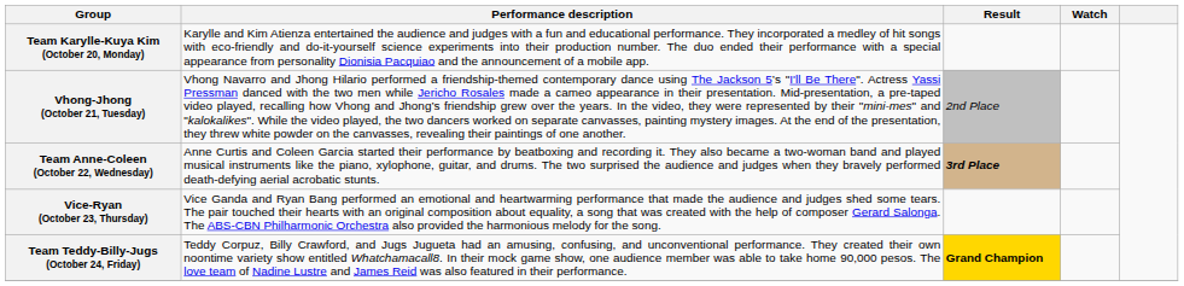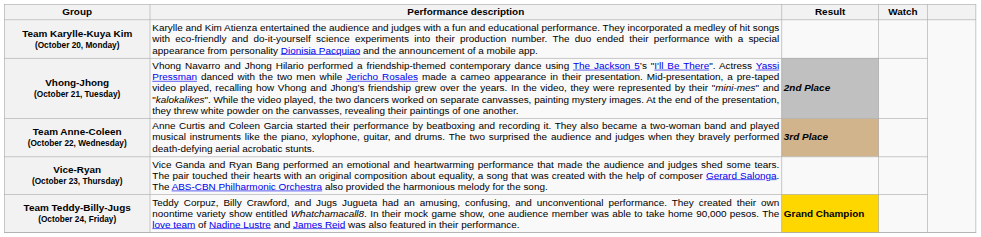 <table class="wikitable style="text-align:center; font-size:90%; line-height:18px; width:100%">
 <tr>
 <th width="15%">Group</th>
 <th width="65%">Performance description</th>
 <th width="10%">Result</th>
 <th width="5%">Watch</th>
 <th width="5%"></th>
 </tr>
 <tr>
 <th>Team Karylle-Kuya Kim<br><small>(October 20, Monday)</small></th>
 <td align="justify">Karylle and Kim Atienza entertained the audience and judges with a fun and educational performance. They incorporated a medley of hit songs with eco-friendly and do-it-yourself science experiments into their production number. The duo ended their performance with a special appearance from personality <a href='#'>Dionisia Pacquiao</a> and the announcement of a mobile app.</td>
 <td></td>
 <td></td>
 <td rowspan="5" style="text-align:center;"></td>
 </tr>
 <tr>
 <th>Vhong-Jhong<br><small>(October 21, Tuesday)</small></th>
 <td align="justify">Vhong Navarro and Jhong Hilario performed a friendship-themed contemporary dance using <a href='#'>The Jackson 5</a>’s "<a href='#'>I'll Be There</a>". Actress <a href='#'>Yassi Pressman</a> danced with the two men while <a href='#'>Jericho Rosales</a> made a cameo appearance in their presentation. Mid-presentation, a pre-taped video played, recalling how Vhong and Jhong’s friendship grew over the years. In the video, they were represented by their "<em>mini-mes</em>" and "<em>kalokalikes</em>". While the video played, the two dancers worked on separate canvasses, painting mystery images. At the end of the presentation, they threw white powder on the canvasses, revealing their paintings of one another.</td>
-<td style="background:silver"><em>2nd Place</em></td>
+<td style="background:silver"><strong><em>2nd Place</em></strong></td>
 <td></td>
 </tr>
 <tr>
 <th>Team Anne-Coleen<br><small>(October 22, Wednesday)</small></th>
 <td align="justify">Anne Curtis and Coleen Garcia started their performance by beatboxing and recording it. They also became a two-woman band and played musical instruments like the piano, xylophone, guitar, and drums. The two surprised the audience and judges when they bravely performed death-defying aerial acrobatic stunts.</td>
 <td style="background:tan"><strong><em>3rd Place</em></strong></td>
 <td></td>
 </tr>
 <tr>
 <th>Vice-Ryan<br><small>(October 23, Thursday)</small></th>
 <td align="justify">Vice Ganda and Ryan Bang performed an emotional and heartwarming performance that made the audience and judges shed some tears. The pair touched their hearts with an original composition about equality, a song that was created with the help of composer <a href='#'>Gerard Salonga</a>. The <a href='#'>ABS-CBN Philharmonic Orchestra</a> also provided the harmonious melody for the song.</td>
 <td></td>
 <td></td>
 </tr>
 <tr>
 <th>Team Teddy-Billy-Jugs<br><small>(October 24, Friday)</small></th>
 <td align="justify">Teddy Corpuz, Billy Crawford, and Jugs Jugueta had an amusing, confusing, and unconventional performance. They created their own noontime variety show entitled <em>Whatchamacall8</em>. In their mock game show, one audience member was able to take home 90,000 pesos. The <a href='#'>love team</a> of <a href='#'>Nadine Lustre</a> and <a href='#'>James Reid</a> was also featured in their performance.</td>
 <td style="background:gold"><strong>Grand Champion</strong></td>
 <td></td>
 </tr>
 <tr>
 </tr>
 </table>
